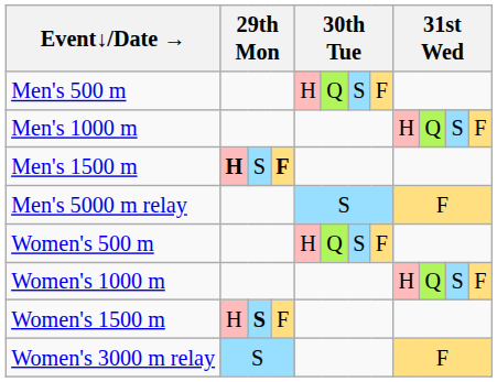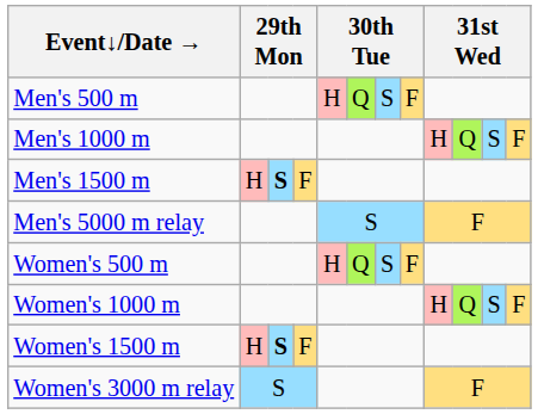 <table class="wikitable" style="margin:0.5em auto; font-size:90%; line-height:1.25em; text-align:center;">
 <tr>
 <th>Event↓/Date →</th>
 <th colspan=3>29th<br>Mon</th>
 <th colspan=4>30th<br>Tue</th>
 <th colspan=4>31st<br>Wed</th>
 </tr>
 <tr>
 <td align="left"><a href='#'>Men's 500 m</a></td>
 <td colspan=3></td>
 <td bgcolor="#FFBBBB">H</td>
 <td bgcolor="#AFF55B">Q</td>
 <td bgcolor="#97DEFF">S</td>
 <td bgcolor="#FFDF80">F</td>
 <td colspan=4></td>
 </tr>
 <tr>
 <td align="left"><a href='#'>Men's 1000 m</a></td>
 <td colspan=3></td>
 <td colspan=4></td>
 <td bgcolor="#FFBBBB">H</td>
 <td bgcolor="#AFF55B">Q</td>
 <td bgcolor="#97DEFF">S</td>
 <td bgcolor="#FFDF80">F</td>
 </tr>
 <tr>
 <td align="left"><a href='#'>Men's 1500 m</a></td>
-<td bgcolor="#FFBBBB"><strong>H</strong></td>
-<td bgcolor="#97DEFF">S</td>
-<td bgcolor="#FFDF80"><strong>F</strong></td>
+<td bgcolor="#FFBBBB">H</td>
+<td bgcolor="#97DEFF"><strong>S</strong></td>
+<td bgcolor="#FFDF80">F</td>
 <td colspan=4></td>
 <td colspan=4></td>
 </tr>
 <tr>
 <td align="left"><a href='#'>Men's 5000 m relay</a></td>
 <td colspan=3></td>
 <td colspan=4 bgcolor="#97DEFF">S</td>
 <td colspan=4 bgcolor="#FFDF80">F</td>
 </tr>
 <tr>
 <td align="left"><a href='#'>Women's 500 m</a></td>
 <td colspan=3></td>
 <td bgcolor="#FFBBBB">H</td>
 <td bgcolor="#AFF55B">Q</td>
 <td bgcolor="#97DEFF">S</td>
 <td bgcolor="#FFDF80">F</td>
 <td colspan=4></td>
 </tr>
 <tr>
 <td align="left"><a href='#'>Women's 1000 m</a></td>
 <td colspan=3></td>
 <td colspan=4></td>
 <td bgcolor="#FFBBBB">H</td>
 <td bgcolor="#AFF55B">Q</td>
 <td bgcolor="#97DEFF">S</td>
 <td bgcolor="#FFDF80">F</td>
 </tr>
 <tr>
 <td align="left"><a href='#'>Women's 1500 m</a></td>
 <td bgcolor="#FFBBBB">H</td>
 <td bgcolor="#97DEFF"><strong>S</strong></td>
 <td bgcolor="#FFDF80">F</td>
 <td colspan=4></td>
 <td colspan=4></td>
 </tr>
 <tr>
 <td align="left"><a href='#'>Women's 3000 m relay</a></td>
 <td colspan=3 bgcolor="#97DEFF">S</td>
 <td colspan=4></td>
 <td colspan=4 bgcolor="#FFDF80">F</td>
 </tr>
 </table>
